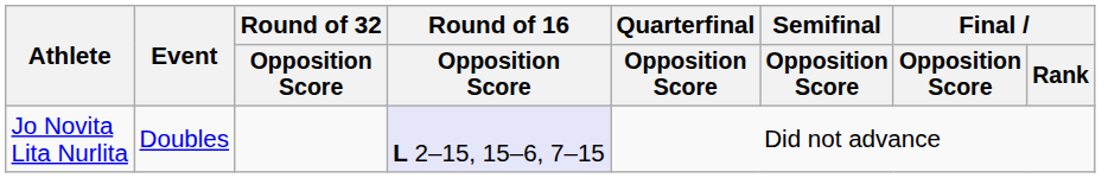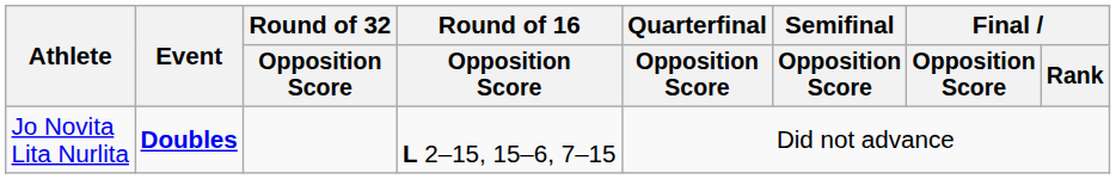 <table class=wikitable style="font-size:90%">
 <tr>
 <th rowspan="2">Athlete</th>
 <th rowspan="2">Event</th>
 <th>Round of 32</th>
 <th>Round of 16</th>
 <th>Quarterfinal</th>
 <th>Semifinal</th>
 <th colspan=2>Final / </th>
 </tr>
 <tr style="font-size:95%">
 <th>Opposition<br>Score</th>
 <th>Opposition<br>Score</th>
 <th>Opposition<br>Score</th>
 <th>Opposition<br>Score</th>
 <th>Opposition<br>Score</th>
 <th>Rank</th>
 </tr>
 <tr align=center>
 <td align=left><a href='#'>Jo Novita</a><br><a href='#'>Lita Nurlita</a></td>
-<td align=left><a href='#'>Doubles</a></td>
+<td align=left><strong><a href='#'>Doubles</a></strong></td>
 <td></td>
-<td style="background: lavender;"><br><strong>L</strong> 2–15, 15–6, 7–15</td>
+<td><br><strong>L</strong> 2–15, 15–6, 7–15</td>
 <td colspan=4>Did not advance</td>
 </tr>
 </table>
